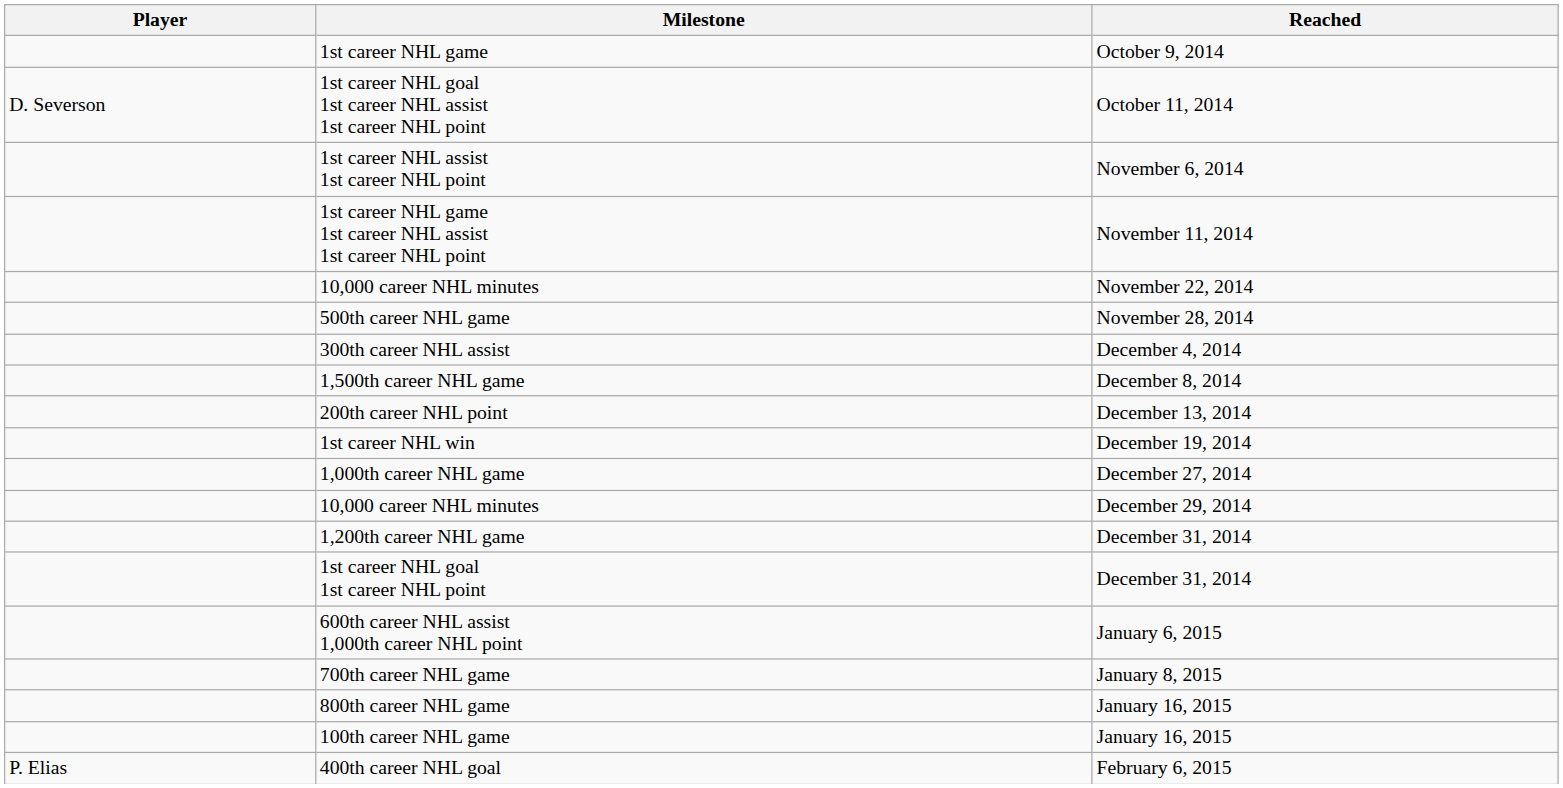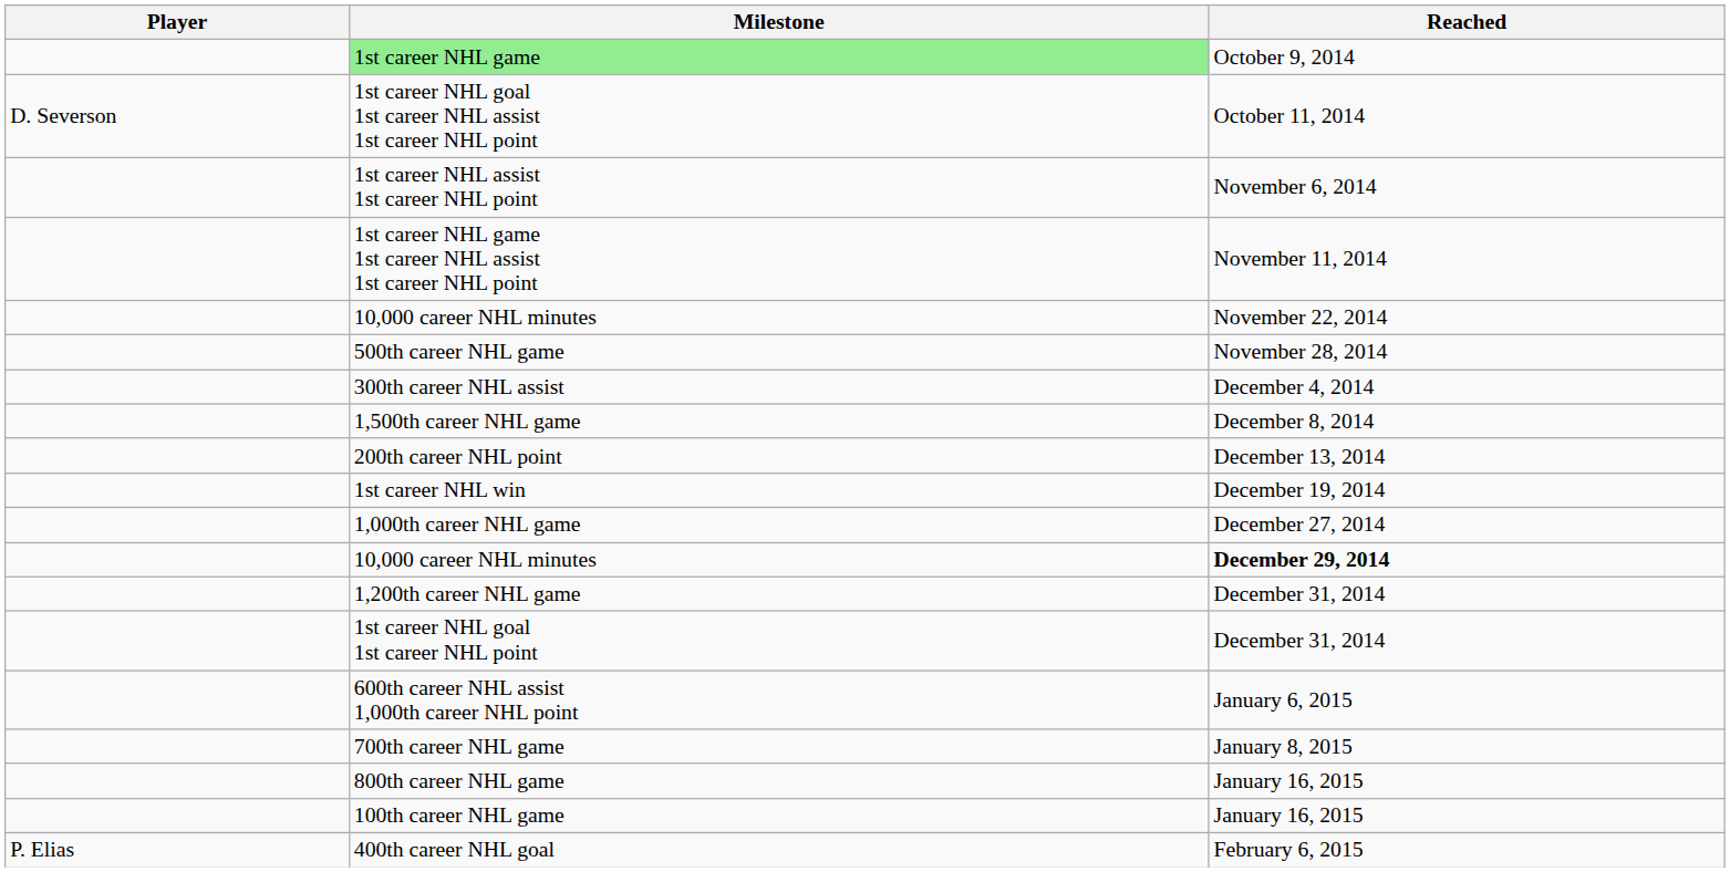 <table class="wikitable sortable" style="width:100%;">
 <tr align=center>
 <th style="width:20%;">Player</th>
 <th style="width:50%;">Milestone</th>
 <th style="width:30%;" data-sort-type="date">Reached</th>
 </tr>
 <tr>
 <td></td>
-<td>1st career NHL game</td>
+<td style="background: lightgreen;">1st career NHL game</td>
 <td>October 9, 2014</td>
 </tr>
 <tr>
 <td>D. Severson</td>
 <td>1st career NHL goal<br>1st career NHL assist<br>1st career NHL point</td>
 <td>October 11, 2014</td>
 </tr>
 <tr>
 <td></td>
 <td>1st career NHL assist<br>1st career NHL point</td>
 <td>November 6, 2014</td>
 </tr>
 <tr>
 <td></td>
 <td>1st career NHL game<br>1st career NHL assist<br>1st career NHL point</td>
 <td>November 11, 2014</td>
 </tr>
 <tr>
 <td></td>
 <td>10,000 career NHL minutes</td>
 <td>November 22, 2014</td>
 </tr>
 <tr>
 <td></td>
 <td>500th career NHL game</td>
 <td>November 28, 2014</td>
 </tr>
 <tr>
 <td></td>
 <td>300th career NHL assist</td>
 <td>December 4, 2014</td>
 </tr>
 <tr>
 <td></td>
 <td>1,500th career NHL game</td>
 <td>December 8, 2014</td>
 </tr>
 <tr>
 <td></td>
 <td>200th career NHL point</td>
 <td>December 13, 2014</td>
 </tr>
 <tr>
 <td></td>
 <td>1st career NHL win</td>
 <td>December 19, 2014</td>
 </tr>
 <tr>
 <td></td>
 <td>1,000th career NHL game</td>
 <td>December 27, 2014</td>
 </tr>
 <tr>
 <td></td>
 <td>10,000 career NHL minutes</td>
-<td>December 29, 2014</td>
+<td><strong>December 29, 2014</strong></td>
 </tr>
 <tr>
 <td></td>
 <td>1,200th career NHL game</td>
 <td>December 31, 2014</td>
 </tr>
 <tr>
 <td></td>
 <td>1st career NHL goal<br>1st career NHL point</td>
 <td>December 31, 2014</td>
 </tr>
 <tr>
 <td></td>
 <td>600th career NHL assist<br>1,000th career NHL point</td>
 <td>January 6, 2015</td>
 </tr>
 <tr>
 <td></td>
 <td>700th career NHL game</td>
 <td>January 8, 2015</td>
 </tr>
 <tr>
 <td></td>
 <td>800th career NHL game</td>
 <td>January 16, 2015</td>
 </tr>
 <tr>
 <td></td>
 <td>100th career NHL game</td>
 <td>January 16, 2015</td>
 </tr>
 <tr>
 <td>P. Elias</td>
 <td>400th career NHL goal</td>
 <td>February 6, 2015</td>
 </tr>
 </table>
